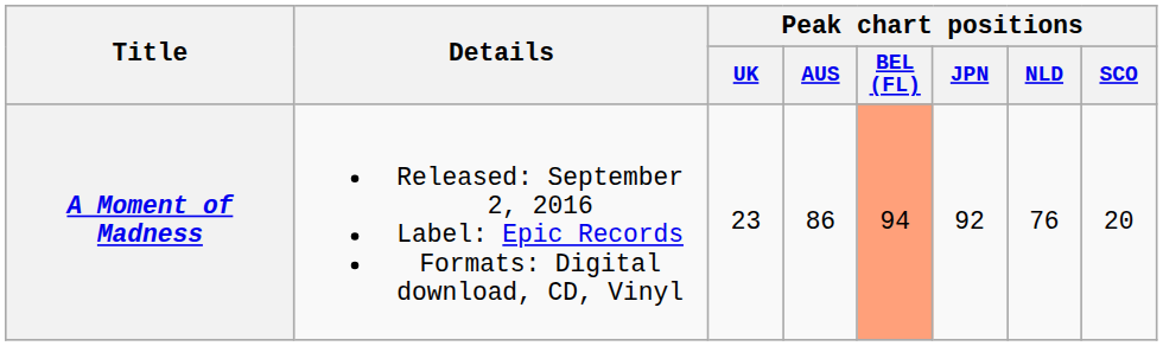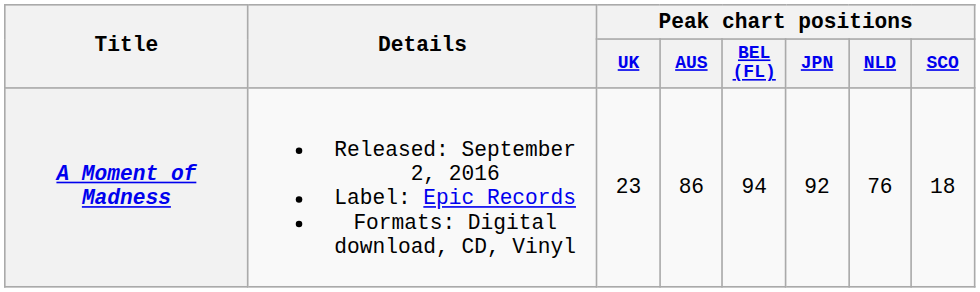 <table class="wikitable plainrowheaders" style="text-align:center;">
 <tr>
 <th scope="col" rowspan="2" style="width:11em;">Title</th>
 <th scope="col" rowspan="2" style="width:16em;">Details</th>
 <th scope="col" colspan="6">Peak chart positions</th>
 </tr>
 <tr>
 <th scope="col" style="width:3em;font-size:85%;"><a href='#'>UK</a><br></th>
 <th scope="col" style="width:3em;font-size:85%;"><a href='#'>AUS</a><br></th>
 <th scope="col" style="width:3em;font-size:85%;"><a href='#'>BEL<br>(FL)</a><br></th>
 <th scope="col" style="width:3em;font-size:85%;"><a href='#'>JPN</a><br></th>
 <th scope="col" style="width:3em;font-size:85%;"><a href='#'>NLD</a><br></th>
 <th scope="col" style="width:3em;font-size:85%;"><a href='#'>SCO</a><br></th>
 </tr>
 <tr>
 <th scope="row"><em><a href='#'>A Moment of Madness</a></em></th>
 <td><br><ul><li>Released: September 2, 2016</li><li>Label: <a href='#'>Epic Records</a></li><li>Formats: Digital download, CD, Vinyl</li></ul></td>
 <td>23</td>
 <td>86</td>
-<td style="background: lightsalmon;">94</td>
+<td>94</td>
 <td>92</td>
 <td>76</td>
-<td>20</td>
+<td>18</td>
 </tr>
 </table>
